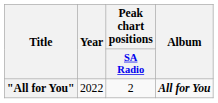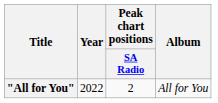 <table class="wikitable plainrowheaders" style="text-align:center;">
 <tr>
 <th scope="col" rowspan="2">Title</th>
 <th scope="col" rowspan="2">Year</th>
 <th scope="col" colspan="1">Peak chart positions</th>
 <th scope="col" rowspan="2">Album</th>
 </tr>
 <tr>
 <th style="width:3em;font-size:90%"><a href='#'>SA<br>Radio</a><br></th>
 </tr>
 <tr>
 <th scope="row">"All for You"</th>
 <td>2022</td>
 <td>2</td>
-<td rowspan="1"><strong><em>All for You</em></strong></td>
+<td rowspan="1"><em>All for You</em></td>
 </tr>
 </table>
